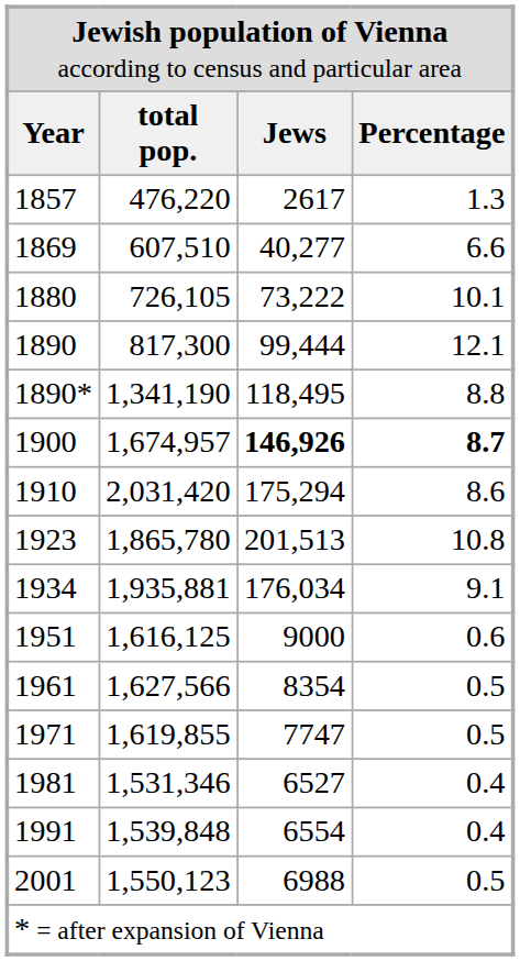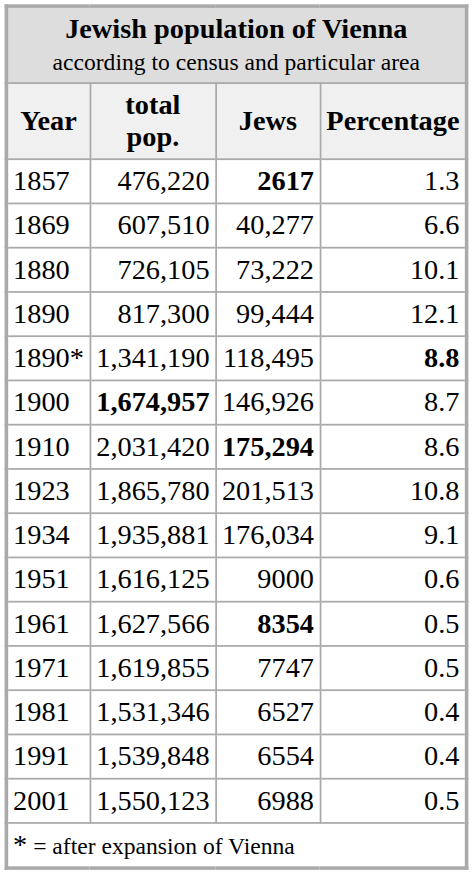 <table cellpadding="3" cellspacing="0" width=250 align="right" rules="all" style="margin: 1em; background: #ffffff; border: 2px solid #aaa; font-size: 100%;">
 <tr bgcolor=#DDDDDD>
 <td colspan=8 align="center"><strong>Jewish population of Vienna</strong><br><small>according to census and particular area</small></td>
 </tr>
 <tr bgcolor=#f0f0f0 align="center">
 <th>Year</th>
 <th>total pop.</th>
 <th>Jews</th>
 <th>Percentage</th>
 </tr>
 <tr align="right">
 <td align="left">1857</td>
 <td>476,220</td>
-<td>2617</td>
+<td><strong>2617</strong></td>
 <td>1.3</td>
 </tr>
 <tr align="right">
 <td align="left">1869</td>
 <td>607,510</td>
 <td>40,277</td>
 <td>6.6</td>
 </tr>
 <tr align="right">
 <td align="left">1880</td>
 <td>726,105</td>
 <td>73,222</td>
 <td>10.1</td>
 </tr>
 <tr align="right">
 <td align="left">1890</td>
 <td>817,300</td>
 <td>99,444</td>
 <td>12.1</td>
 </tr>
 <tr align="right">
 <td align="left">1890*</td>
 <td>1,341,190</td>
 <td>118,495</td>
-<td>8.8</td>
+<td><strong>8.8</strong></td>
 </tr>
 <tr align="right">
 <td align="left">1900</td>
-<td>1,674,957</td>
-<td><strong>146,926</strong></td>
-<td><strong>8.7</strong></td>
+<td><strong>1,674,957</strong></td>
+<td>146,926</td>
+<td>8.7</td>
 </tr>
 <tr align="right">
 <td align="left">1910</td>
 <td>2,031,420</td>
-<td>175,294</td>
+<td><strong>175,294</strong></td>
 <td>8.6</td>
 </tr>
 <tr align="right">
 <td align="left">1923</td>
 <td>1,865,780</td>
 <td>201,513</td>
 <td>10.8</td>
 </tr>
 <tr align="right">
 <td align="left">1934</td>
 <td>1,935,881</td>
 <td>176,034</td>
 <td>9.1</td>
 </tr>
 <tr align="right">
 <td align="left">1951</td>
 <td>1,616,125</td>
 <td>9000</td>
 <td>0.6</td>
 </tr>
 <tr align="right">
 <td align="left">1961</td>
 <td>1,627,566</td>
-<td>8354</td>
+<td><strong>8354</strong></td>
 <td>0.5</td>
 </tr>
 <tr align="right">
 <td align="left">1971</td>
 <td>1,619,855</td>
 <td>7747</td>
 <td>0.5</td>
 </tr>
 <tr align="right">
 <td align="left">1981</td>
 <td>1,531,346</td>
 <td>6527</td>
 <td>0.4</td>
 </tr>
 <tr align="right">
 <td align="left">1991</td>
 <td>1,539,848</td>
 <td>6554</td>
 <td>0.4</td>
 </tr>
 <tr align="right">
 <td align="left">2001</td>
 <td>1,550,123</td>
 <td>6988</td>
 <td>0.5</td>
 </tr>
 <tr>
 <td colspan="4">*<small> = after expansion of Vienna</small></td>
 </tr>
 </table>
